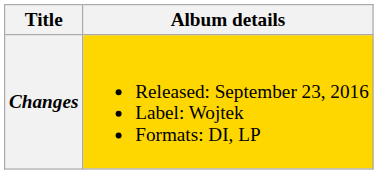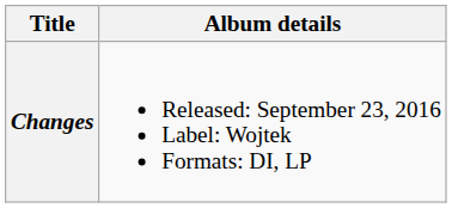 <table class="wikitable plainrowheaders">
 <tr>
 <th>Title</th>
 <th>Album details</th>
 </tr>
 <tr>
 <th scope="row"><em>Changes</em></th>
-<td style="background: gold;"><br><ul><li>Released: September 23, 2016</li><li>Label: Wojtek</li><li>Formats: DI, LP</li></ul></td>
+<td><br><ul><li>Released: September 23, 2016</li><li>Label: Wojtek</li><li>Formats: DI, LP</li></ul></td>
 </tr>
 </table>
